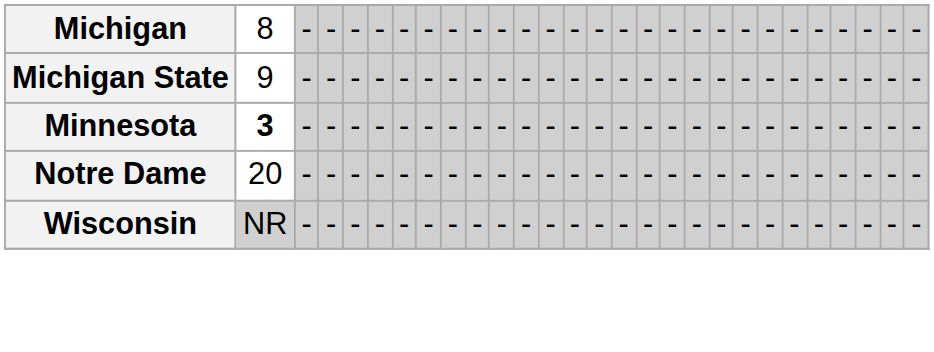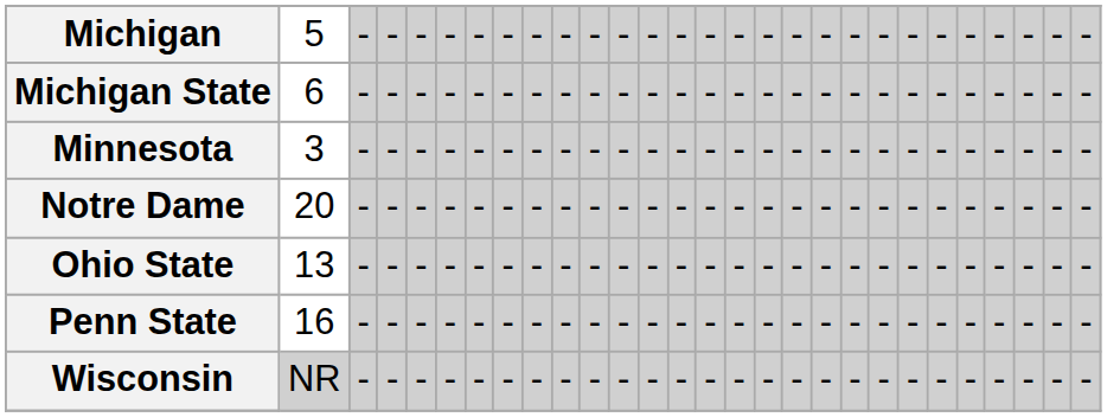 <table class="wikitable sortable" style="text-align: center;">
 <tr>
 </tr>
 <tr bgcolor=d0d0d0>
 <th><strong>Michigan</strong></th>
-<td bgcolor=ffffff>8</td>
+<td bgcolor=ffffff>5</td>
 <td>-</td>
 <td>-</td>
 <td>-</td>
 <td>-</td>
 <td>-</td>
 <td>-</td>
 <td>-</td>
 <td>-</td>
 <td>-</td>
 <td>-</td>
 <td>-</td>
 <td>-</td>
 <td>-</td>
 <td>-</td>
 <td>-</td>
 <td>-</td>
 <td>-</td>
 <td>-</td>
 <td>-</td>
 <td>-</td>
 <td>-</td>
 <td>-</td>
 <td>-</td>
 <td>-</td>
 <td>-</td>
 <td>-</td>
 </tr>
 <tr bgcolor=d0d0d0>
 <th><strong>Michigan State</strong></th>
-<td bgcolor=ffffff>9</td>
+<td bgcolor=ffffff>6</td>
 <td>-</td>
 <td>-</td>
 <td>-</td>
 <td>-</td>
 <td>-</td>
 <td>-</td>
 <td>-</td>
 <td>-</td>
 <td>-</td>
 <td>-</td>
 <td>-</td>
 <td>-</td>
 <td>-</td>
 <td>-</td>
 <td>-</td>
 <td>-</td>
 <td>-</td>
 <td>-</td>
 <td>-</td>
 <td>-</td>
 <td>-</td>
 <td>-</td>
 <td>-</td>
 <td>-</td>
 <td>-</td>
 <td>-</td>
 </tr>
 <tr bgcolor=d0d0d0>
 <th><strong>Minnesota</strong></th>
-<td bgcolor=ffffff><strong>3</strong></td>
+<td bgcolor=ffffff>3</td>
 <td>-</td>
 <td>-</td>
 <td>-</td>
 <td>-</td>
 <td>-</td>
 <td>-</td>
 <td>-</td>
 <td>-</td>
 <td>-</td>
 <td>-</td>
 <td>-</td>
 <td>-</td>
 <td>-</td>
 <td>-</td>
 <td>-</td>
 <td>-</td>
 <td>-</td>
 <td>-</td>
 <td>-</td>
 <td>-</td>
 <td>-</td>
 <td>-</td>
 <td>-</td>
 <td>-</td>
 <td>-</td>
 <td>-</td>
 </tr>
 <tr bgcolor=d0d0d0>
 <th><strong>Notre Dame</strong></th>
 <td bgcolor=ffffff>20</td>
+<td>-</td>
+<td>-</td>
+<td>-</td>
+<td>-</td>
+<td>-</td>
+<td>-</td>
+<td>-</td>
+<td>-</td>
+<td>-</td>
+<td>-</td>
+<td>-</td>
+<td>-</td>
+<td>-</td>
+<td>-</td>
+<td>-</td>
+<td>-</td>
+<td>-</td>
+<td>-</td>
+<td>-</td>
+<td>-</td>
+<td>-</td>
+<td>-</td>
+<td>-</td>
+<td>-</td>
+<td>-</td>
+<td>-</td>
+</tr>
+<tr bgcolor=d0d0d0>
+<th><strong>Ohio State</strong></th>
+<td bgcolor=ffffff>13</td>
+<td>-</td>
+<td>-</td>
+<td>-</td>
+<td>-</td>
+<td>-</td>
+<td>-</td>
+<td>-</td>
+<td>-</td>
+<td>-</td>
+<td>-</td>
+<td>-</td>
+<td>-</td>
+<td>-</td>
+<td>-</td>
+<td>-</td>
+<td>-</td>
+<td>-</td>
+<td>-</td>
+<td>-</td>
+<td>-</td>
+<td>-</td>
+<td>-</td>
+<td>-</td>
+<td>-</td>
+<td>-</td>
+<td>-</td>
+</tr>
+<tr bgcolor=d0d0d0>
+<th><strong>Penn State</strong></th>
+<td bgcolor=ffffff>16</td>
 <td>-</td>
 <td>-</td>
 <td>-</td>
 <td>-</td>
 <td>-</td>
 <td>-</td>
 <td>-</td>
 <td>-</td>
 <td>-</td>
 <td>-</td>
 <td>-</td>
 <td>-</td>
 <td>-</td>
 <td>-</td>
 <td>-</td>
 <td>-</td>
 <td>-</td>
 <td>-</td>
 <td>-</td>
 <td>-</td>
 <td>-</td>
 <td>-</td>
 <td>-</td>
 <td>-</td>
 <td>-</td>
 <td>-</td>
 </tr>
 <tr bgcolor=d0d0d0>
 <th><strong>Wisconsin</strong></th>
 <td>NR</td>
 <td>-</td>
 <td>-</td>
 <td>-</td>
 <td>-</td>
 <td>-</td>
 <td>-</td>
 <td>-</td>
 <td>-</td>
 <td>-</td>
 <td>-</td>
 <td>-</td>
 <td>-</td>
 <td>-</td>
 <td>-</td>
 <td>-</td>
 <td>-</td>
 <td>-</td>
 <td>-</td>
 <td>-</td>
 <td>-</td>
 <td>-</td>
 <td>-</td>
 <td>-</td>
 <td>-</td>
 <td>-</td>
 <td>-</td>
 </tr>
 <tr>
 </tr>
 </table>
